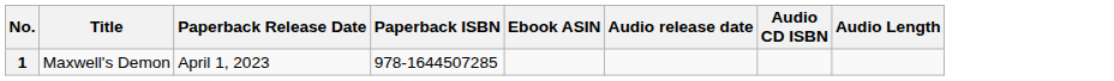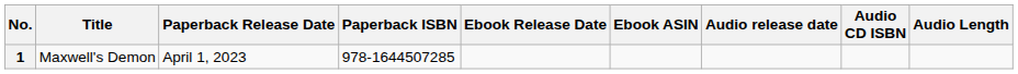 <table class="wikitable">
 <tr>
 <th>No.</th>
 <th>Title</th>
 <th>Paperback Release Date</th>
 <th>Paperback ISBN</th>
+<th>Ebook Release Date</th>
 <th>Ebook ASIN</th>
 <th>Audio release date</th>
 <th>Audio<br>CD ISBN</th>
 <th>Audio Length</th>
 </tr>
 <tr>
 <th>1</th>
 <td>Maxwell's Demon</td>
 <td>April 1, 2023</td>
 <td>978-1644507285</td>
 <td></td>
 <td></td>
 <td></td>
 <td></td>
+<td></td>
 </tr>
 </table>
